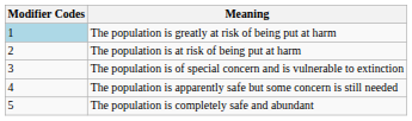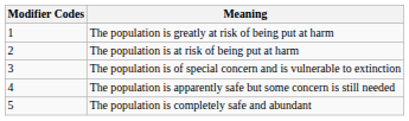 <table class="wikitable">
 <tr>
 <th>Modifier Codes</th>
 <th>Meaning</th>
 </tr>
 <tr>
-<td style="background: lightblue;">1</td>
+<td>1</td>
 <td>The population is greatly at risk of being put at harm</td>
 </tr>
 <tr>
 <td>2</td>
 <td>The population is at risk of being put at harm</td>
 </tr>
 <tr>
 <td>3</td>
 <td>The population is of special concern and is vulnerable to extinction</td>
 </tr>
 <tr>
 <td>4</td>
 <td>The population is apparently safe but some concern is still needed</td>
 </tr>
 <tr>
 <td>5</td>
 <td>The population is completely safe and abundant</td>
 </tr>
 </table>
